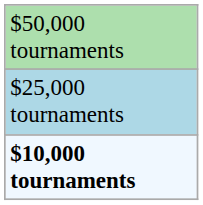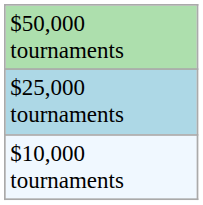 <table class="wikitable"  style="font-size:85%; width:13%;">
 <tr style="background:#addfad;">
 <td>$50,000 tournaments</td>
 </tr>
 <tr style="background:lightblue;">
 <td>$25,000 tournaments</td>
 </tr>
 <tr style="background:#f0f8ff;">
-<td><strong>$10,000 tournaments</strong></td>
+<td>$10,000 tournaments</td>
 </tr>
 </table>
